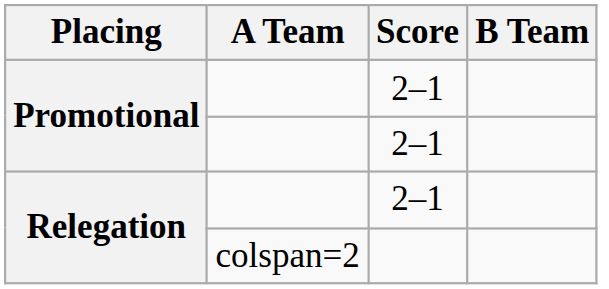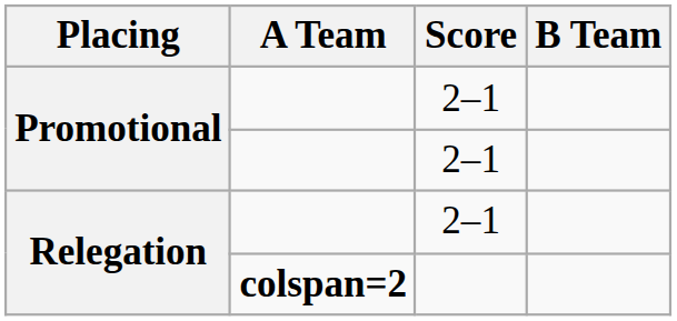 <table class=wikitable style="border:1px solid #AAAAAA;">
 <tr>
 <th>Placing</th>
 <th>A Team</th>
 <th>Score</th>
 <th>B Team</th>
 </tr>
 <tr>
 <th rowspan=2>Promotional</th>
 <td><strong></strong></td>
 <td align="center">2–1</td>
 <td></td>
 </tr>
 <tr>
 <td><strong></strong></td>
 <td align="center">2–1</td>
 <td></td>
 </tr>
 <tr>
 <th rowspan=2>Relegation</th>
 <td><strong></strong></td>
 <td align="center">2–1</td>
 <td><em></em></td>
 </tr>
 <tr>
-<td>colspan=2 </td>
+<td><strong>colspan=2 </strong></td>
 <td><em></em></td>
 </tr>
 </table>
